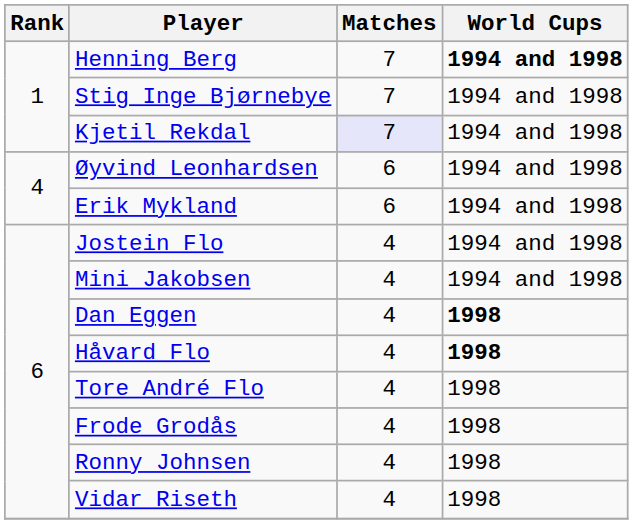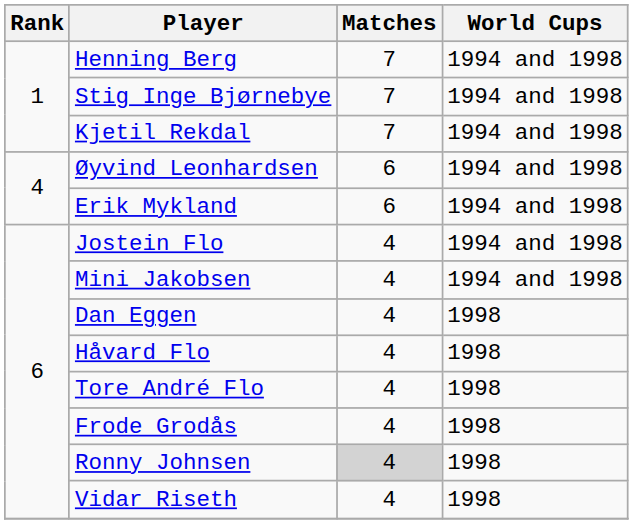 <table class="wikitable" style="text-align: left;">
 <tr>
 <th>Rank</th>
 <th>Player</th>
 <th>Matches</th>
 <th>World Cups</th>
 </tr>
 <tr>
 <td rowspan=3 align=center>1</td>
 <td><a href='#'>Henning Berg</a></td>
 <td align=center>7</td>
-<td><strong>1994 and 1998</strong></td>
+<td>1994 and 1998</td>
 </tr>
 <tr>
 <td><a href='#'>Stig Inge Bjørnebye</a></td>
 <td align=center>7</td>
 <td>1994 and 1998</td>
 </tr>
 <tr>
 <td><a href='#'>Kjetil Rekdal</a></td>
-<td align=center style="background: lavender;">7</td>
+<td align=center>7</td>
 <td>1994 and 1998</td>
 </tr>
 <tr>
 <td rowspan=2 align=center>4</td>
 <td><a href='#'>Øyvind Leonhardsen</a></td>
 <td align=center>6</td>
 <td>1994 and 1998</td>
 </tr>
 <tr>
 <td><a href='#'>Erik Mykland</a></td>
 <td align=center>6</td>
 <td>1994 and 1998</td>
 </tr>
 <tr>
 <td rowspan=8 align=center>6</td>
 <td><a href='#'>Jostein Flo</a></td>
 <td align=center>4</td>
 <td>1994 and 1998</td>
 </tr>
 <tr>
 <td><a href='#'>Mini Jakobsen</a></td>
 <td align=center>4</td>
 <td>1994 and 1998</td>
 </tr>
 <tr>
 <td><a href='#'>Dan Eggen</a></td>
 <td align=center>4</td>
-<td><strong>1998</strong></td>
+<td>1998</td>
 </tr>
 <tr>
 <td><a href='#'>Håvard Flo</a></td>
 <td align=center>4</td>
-<td><strong>1998</strong></td>
+<td>1998</td>
 </tr>
 <tr>
 <td><a href='#'>Tore André Flo</a></td>
 <td align=center>4</td>
 <td>1998</td>
 </tr>
 <tr>
 <td><a href='#'>Frode Grodås</a></td>
 <td align=center>4</td>
 <td>1998</td>
 </tr>
 <tr>
 <td><a href='#'>Ronny Johnsen</a></td>
-<td align=center>4</td>
+<td align=center style="background: lightgrey;">4</td>
 <td>1998</td>
 </tr>
 <tr>
 <td><a href='#'>Vidar Riseth</a></td>
 <td align=center>4</td>
 <td>1998</td>
 </tr>
 <tr>
 </tr>
 </table>
